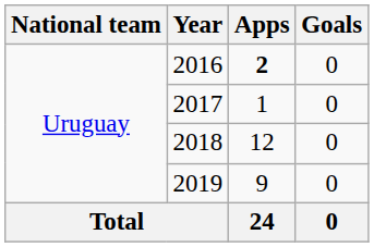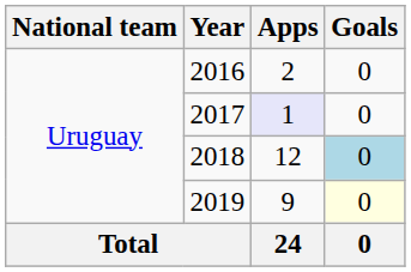 <table class="wikitable" style="text-align:center">
 <tr>
 <th>National team</th>
 <th>Year</th>
 <th>Apps</th>
 <th>Goals</th>
 </tr>
 <tr>
 <td rowspan="4"><a href='#'>Uruguay</a></td>
 <td>2016</td>
-<td><strong>2</strong></td>
+<td>2</td>
 <td>0</td>
 </tr>
 <tr>
 <td>2017</td>
-<td>1</td>
+<td style="background: lavender;">1</td>
 <td>0</td>
 </tr>
 <tr>
 <td>2018</td>
 <td>12</td>
-<td>0</td>
+<td style="background: lightblue;">0</td>
 </tr>
 <tr>
 <td>2019</td>
 <td>9</td>
-<td>0</td>
+<td style="background: lightyellow;">0</td>
 </tr>
 <tr>
 <th colspan="2">Total</th>
 <th>24</th>
 <th>0</th>
 </tr>
 </table>
